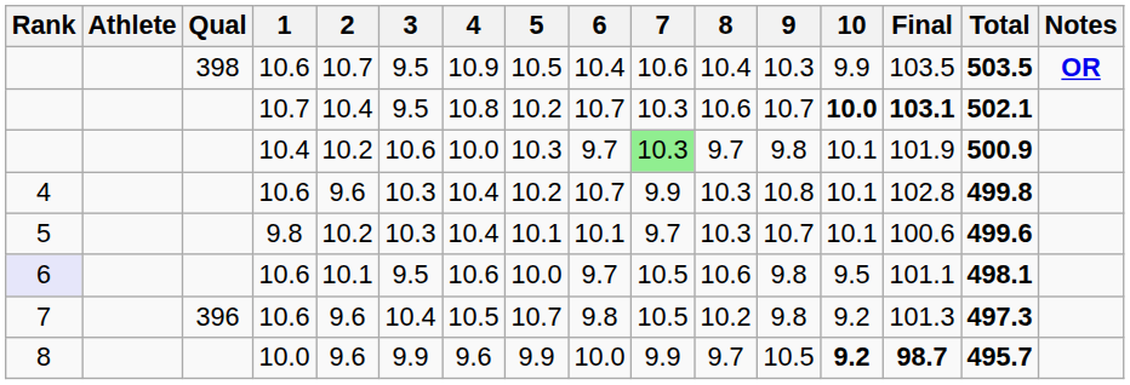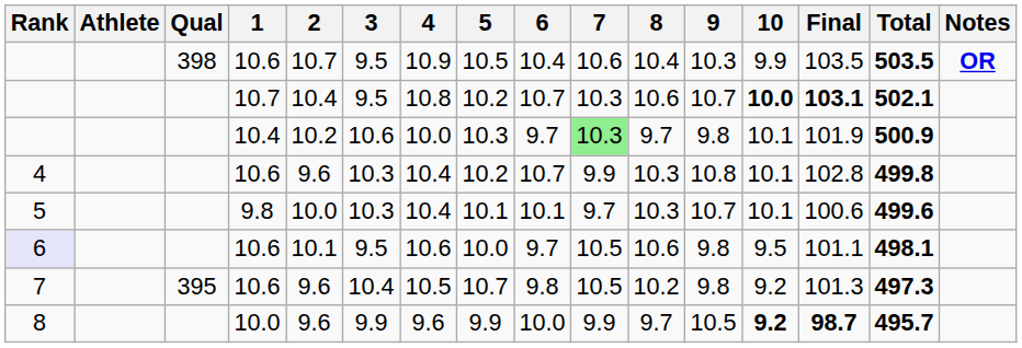 <table class="wikitable sortable">
 <tr>
 <th>Rank</th>
 <th>Athlete</th>
 <th>Qual</th>
 <th class="unsortable" style="width: 28px">1</th>
 <th class="unsortable" style="width: 28px">2</th>
 <th class="unsortable" style="width: 28px">3</th>
 <th class="unsortable" style="width: 28px">4</th>
 <th class="unsortable" style="width: 28px">5</th>
 <th class="unsortable" style="width: 28px">6</th>
 <th class="unsortable" style="width: 28px">7</th>
 <th class="unsortable" style="width: 28px">8</th>
 <th class="unsortable" style="width: 28px">9</th>
 <th class="unsortable" style="width: 28px">10</th>
 <th>Final</th>
 <th>Total</th>
 <th class="unsortable">Notes</th>
 </tr>
 <tr>
 <td align="center"></td>
 <td></td>
 <td align="center">398</td>
 <td align="center">10.6</td>
 <td align="center">10.7</td>
 <td align="center">9.5</td>
 <td align="center">10.9</td>
 <td align="center">10.5</td>
 <td align="center">10.4</td>
 <td align="center">10.6</td>
 <td align="center">10.4</td>
 <td align="center">10.3</td>
 <td align="center">9.9</td>
 <td align="center">103.5</td>
 <td align="center"><strong>503.5</strong></td>
 <td align="center"><strong><a href='#'>OR</a></strong></td>
 </tr>
 <tr>
 <td align="center"></td>
 <td></td>
 <td align="center"></td>
 <td align="center">10.7</td>
 <td align="center">10.4</td>
 <td align="center">9.5</td>
 <td align="center">10.8</td>
 <td align="center">10.2</td>
 <td align="center">10.7</td>
 <td align="center">10.3</td>
 <td align="center">10.6</td>
 <td align="center">10.7</td>
 <td align="center"><strong>10.0</strong></td>
 <td align="center"><strong>103.1</strong></td>
 <td align="center"><strong>502.1</strong></td>
 <td></td>
 </tr>
 <tr>
 <td align="center"></td>
 <td></td>
 <td align="center"></td>
 <td align="center">10.4</td>
 <td align="center">10.2</td>
 <td align="center">10.6</td>
 <td align="center">10.0</td>
 <td align="center">10.3</td>
 <td align="center">9.7</td>
 <td align="center" style="background: lightgreen;">10.3</td>
 <td align="center">9.7</td>
 <td align="center">9.8</td>
 <td align="center">10.1</td>
 <td align="center">101.9</td>
 <td align="center"><strong>500.9</strong></td>
 <td></td>
 </tr>
 <tr>
 <td align="center">4</td>
 <td></td>
 <td align="center"></td>
 <td align="center">10.6</td>
 <td align="center">9.6</td>
 <td align="center">10.3</td>
 <td align="center">10.4</td>
 <td align="center">10.2</td>
 <td align="center">10.7</td>
 <td align="center">9.9</td>
 <td align="center">10.3</td>
 <td align="center">10.8</td>
 <td align="center">10.1</td>
 <td align="center">102.8</td>
 <td align="center"><strong>499.8</strong></td>
 <td></td>
 </tr>
 <tr>
 <td align="center">5</td>
 <td></td>
 <td align="center"></td>
 <td align="center">9.8</td>
-<td align="center">10.2</td>
+<td align="center">10.0</td>
 <td align="center">10.3</td>
 <td align="center">10.4</td>
 <td align="center">10.1</td>
 <td align="center">10.1</td>
 <td align="center">9.7</td>
 <td align="center">10.3</td>
 <td align="center">10.7</td>
 <td align="center">10.1</td>
 <td align="center">100.6</td>
 <td align="center"><strong>499.6</strong></td>
 <td></td>
 </tr>
 <tr>
 <td align="center" style="background: lavender;">6</td>
 <td></td>
 <td align="center"></td>
 <td align="center">10.6</td>
 <td align="center">10.1</td>
 <td align="center">9.5</td>
 <td align="center">10.6</td>
 <td align="center">10.0</td>
 <td align="center">9.7</td>
 <td align="center">10.5</td>
 <td align="center">10.6</td>
 <td align="center">9.8</td>
 <td align="center">9.5</td>
 <td align="center">101.1</td>
 <td align="center"><strong>498.1</strong></td>
 <td></td>
 </tr>
 <tr>
 <td align="center">7</td>
 <td></td>
-<td align="center">396</td>
+<td align="center">395</td>
 <td align="center">10.6</td>
 <td align="center">9.6</td>
 <td align="center">10.4</td>
 <td align="center">10.5</td>
 <td align="center">10.7</td>
 <td align="center">9.8</td>
 <td align="center">10.5</td>
 <td align="center">10.2</td>
 <td align="center">9.8</td>
 <td align="center">9.2</td>
 <td align="center">101.3</td>
 <td align="center"><strong>497.3</strong></td>
 <td></td>
 </tr>
 <tr>
 <td align="center">8</td>
 <td></td>
 <td align="center"></td>
 <td align="center">10.0</td>
 <td align="center">9.6</td>
 <td align="center">9.9</td>
 <td align="center">9.6</td>
 <td align="center">9.9</td>
 <td align="center">10.0</td>
 <td align="center">9.9</td>
 <td align="center">9.7</td>
 <td align="center">10.5</td>
 <td align="center"><strong>9.2</strong></td>
 <td align="center"><strong>98.7</strong></td>
 <td align="center"><strong>495.7</strong></td>
 <td></td>
 </tr>
 </table>
